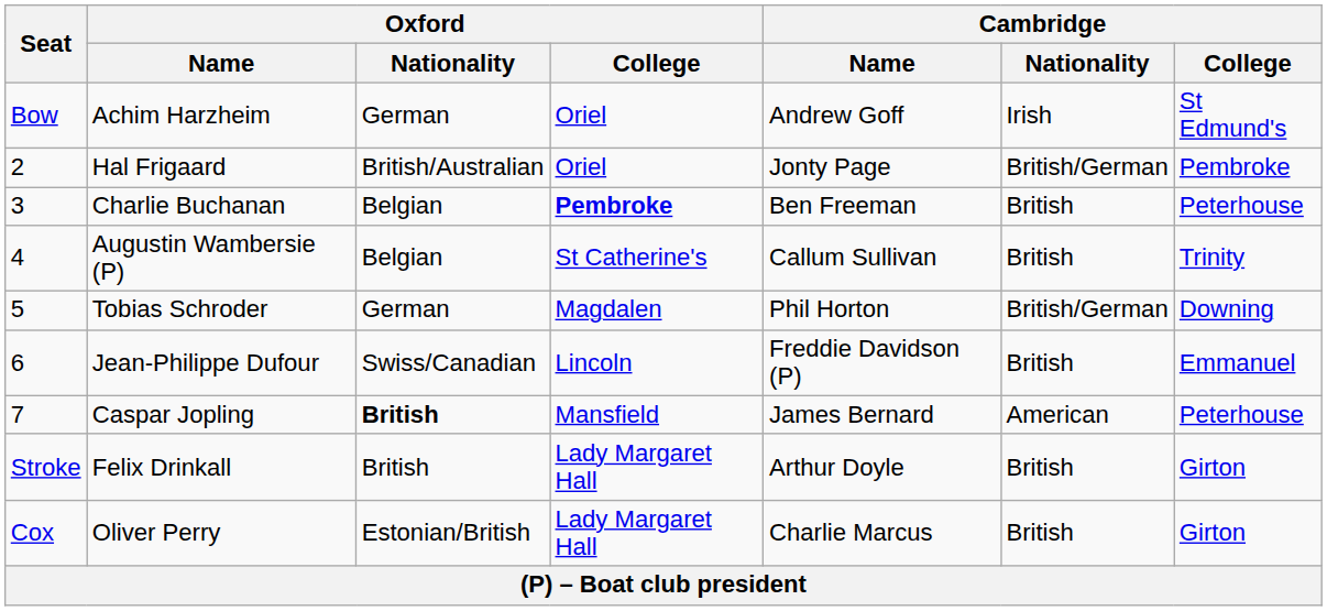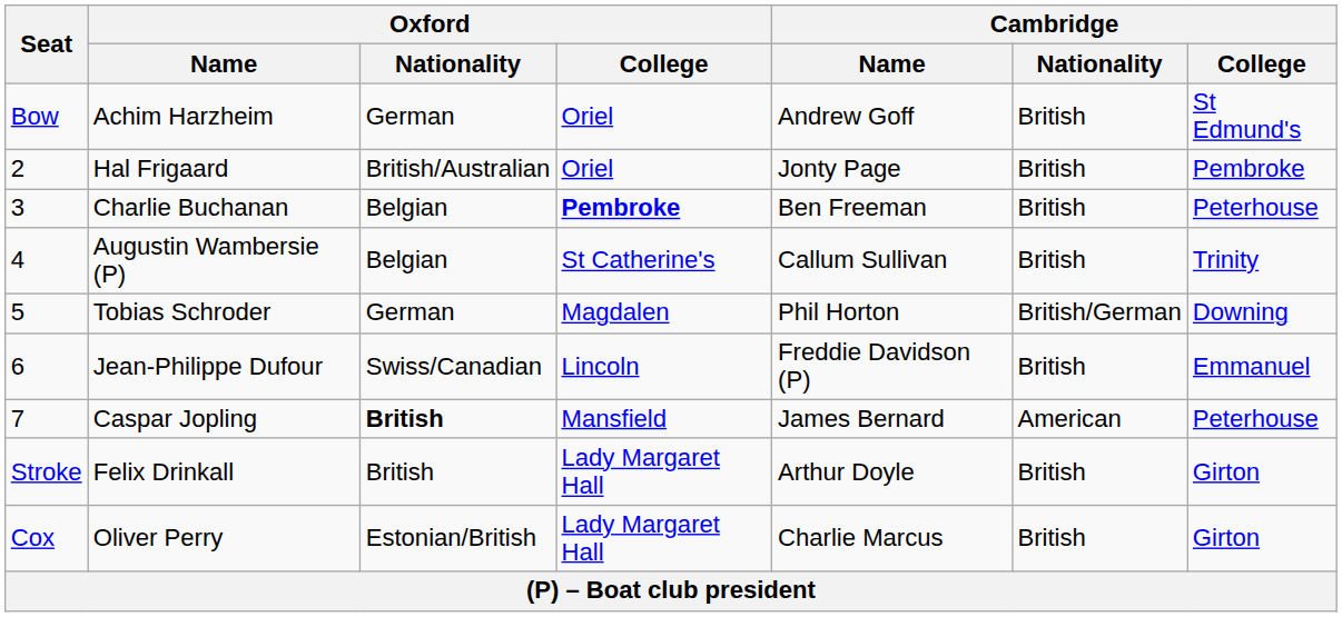 <table class="wikitable">
 <tr>
 <th rowspan="2" scope="col">Seat</th>
 <th colspan="3" scope="col">Oxford <br> </th>
 <th colspan="3" scope="col">Cambridge <br> </th>
 </tr>
 <tr>
 <th>Name</th>
 <th>Nationality</th>
 <th>College</th>
 <th>Name</th>
 <th>Nationality</th>
 <th>College</th>
 </tr>
 <tr>
 <td><a href='#'>Bow</a></td>
 <td>Achim Harzheim</td>
 <td>German</td>
 <td><a href='#'>Oriel</a></td>
 <td>Andrew Goff</td>
-<td>Irish</td>
+<td>British</td>
 <td><a href='#'>St Edmund's</a></td>
 </tr>
 <tr>
 <td>2</td>
 <td>Hal Frigaard</td>
 <td>British/Australian</td>
 <td><a href='#'>Oriel</a></td>
 <td>Jonty Page</td>
-<td>British/German</td>
+<td>British</td>
 <td><a href='#'>Pembroke</a></td>
 </tr>
 <tr>
 <td>3</td>
 <td>Charlie Buchanan</td>
 <td>Belgian</td>
 <td><strong><a href='#'>Pembroke</a></strong></td>
 <td>Ben Freeman</td>
 <td>British</td>
 <td><a href='#'>Peterhouse</a></td>
 </tr>
 <tr>
 <td>4</td>
 <td>Augustin Wambersie (P)</td>
 <td>Belgian</td>
 <td><a href='#'>St Catherine's</a></td>
 <td>Callum Sullivan</td>
 <td>British</td>
 <td><a href='#'>Trinity</a></td>
 </tr>
 <tr>
 <td>5</td>
 <td>Tobias Schroder</td>
 <td>German</td>
 <td><a href='#'>Magdalen</a></td>
 <td>Phil Horton</td>
 <td>British/German</td>
 <td><a href='#'>Downing</a></td>
 </tr>
 <tr>
 <td>6</td>
 <td>Jean-Philippe Dufour</td>
 <td>Swiss/Canadian</td>
 <td><a href='#'>Lincoln</a></td>
 <td>Freddie Davidson (P)</td>
 <td>British</td>
 <td><a href='#'>Emmanuel</a></td>
 </tr>
 <tr>
 <td>7</td>
 <td>Caspar Jopling</td>
 <td><strong>British</strong></td>
 <td><a href='#'>Mansfield</a></td>
 <td>James Bernard</td>
 <td>American</td>
 <td><a href='#'>Peterhouse</a></td>
 </tr>
 <tr>
 <td><a href='#'>Stroke</a></td>
 <td>Felix Drinkall</td>
 <td>British</td>
 <td><a href='#'>Lady Margaret Hall</a></td>
 <td>Arthur Doyle</td>
 <td>British</td>
 <td><a href='#'>Girton</a></td>
 </tr>
 <tr>
 <td><a href='#'>Cox</a></td>
 <td>Oliver Perry</td>
 <td>Estonian/British</td>
 <td><a href='#'>Lady Margaret Hall</a></td>
 <td>Charlie Marcus</td>
 <td>British</td>
 <td><a href='#'>Girton</a></td>
 </tr>
 <tr>
 <th colspan=7>(P) – Boat club president</th>
 </tr>
 </table>
